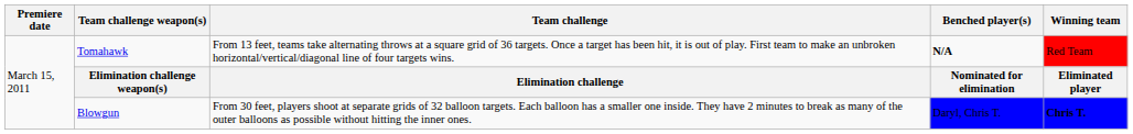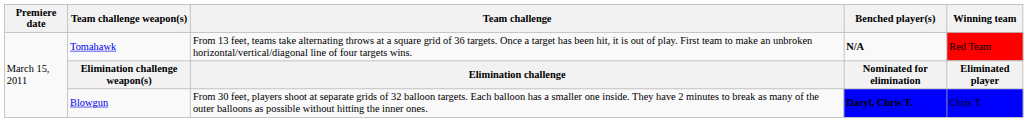 <table class="wikitable">
 <tr>
 <th>Premiere date</th>
 <th>Team challenge weapon(s)</th>
 <th>Team challenge</th>
 <th>Benched player(s)</th>
 <th>Winning team</th>
 </tr>
 <tr>
 <td rowspan="3">March 15, 2011</td>
 <td><a href='#'>Tomahawk</a></td>
 <td>From 13 feet, teams take alternating throws at a square grid of 36 targets. Once a target has been hit, it is out of play. First team to make an unbroken horizontal/vertical/diagonal line of four targets wins.</td>
 <td><strong>N/A</strong></td>
 <td style="background:red;"><span>Red Team</span></td>
 </tr>
 <tr>
 <th>Elimination challenge weapon(s)</th>
 <th>Elimination challenge</th>
 <th>Nominated for elimination</th>
 <th>Eliminated player</th>
 </tr>
 <tr>
 <td><a href='#'>Blowgun</a></td>
 <td>From 30 feet, players shoot at separate grids of 32 balloon targets. Each balloon has a smaller one inside. They have 2 minutes to break as many of the outer balloons as possible without hitting the inner ones.</td>
-<td style="background:blue;"><span>Daryl, Chris T.</span></td>
-<td style="background:blue;"><strong><span>Chris T.</span></strong></td>
+<td style="background:blue;"><strong><span>Daryl, Chris T.</span></strong></td>
+<td style="background:blue;"><span>Chris T.</span></td>
 </tr>
 </table>
